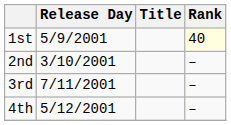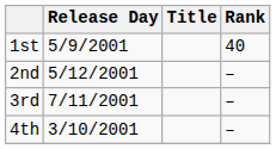 <table class=wikitable style="font-size:small">
 <tr>
 <th></th>
 <th>Release Day</th>
 <th>Title</th>
 <th>Rank</th>
 </tr>
 <tr>
 <td>1st</td>
 <td>5/9/2001</td>
 <td></td>
-<td style="background: lightyellow;">40</td>
+<td>40</td>
 </tr>
 <tr>
 <td>2nd</td>
-<td>3/10/2001</td>
+<td>5/12/2001</td>
 <td></td>
 <td>–</td>
 </tr>
 <tr>
 <td>3rd</td>
 <td>7/11/2001</td>
 <td></td>
 <td>–</td>
 </tr>
 <tr>
 <td>4th</td>
-<td>5/12/2001</td>
+<td>3/10/2001</td>
 <td></td>
 <td>–</td>
 </tr>
 <tr>
 </tr>
 </table>
